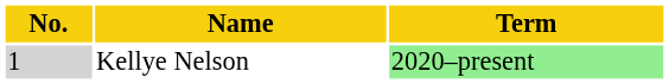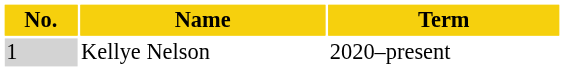 <table class="toccolours" style="width:25em">
 <tr>
 <th style="background:#f6d00d;color:black;border:#f6d00d 1px solid">No.</th>
 <th style="background:#f6d00d;color:black;border:#f6d00d 1px solid">Name</th>
 <th style="background:#f6d00d;color:black;border:#f6d00d 1px solid">Term</th>
 </tr>
 <tr>
 <td style="background: lightgrey;">1</td>
 <td> Kellye Nelson</td>
-<td style="background: lightgreen;">2020–present</td>
+<td>2020–present</td>
 </tr>
 <tr>
 </tr>
 </table>
